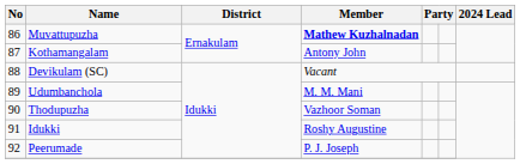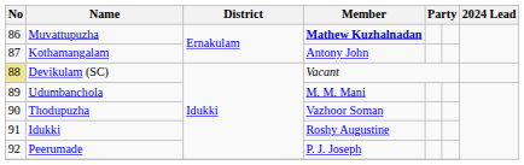 <table class="wikitable sortable">
 <tr>
 <th>No</th>
 <th width="200px">Name</th>
 <th width="150px">District</th>
 <th>Member</th>
 <th colspan=2>Party</th>
 <th colspan=2>2024 Lead</th>
 </tr>
 <tr>
 <td>86</td>
 <td><a href='#'>Muvattupuzha</a></td>
 <td rowspan=2><a href='#'>Ernakulam</a></td>
 <td><strong><a href='#'>Mathew Kuzhalnadan</a></strong></td>
 <td></td>
 <td></td>
 </tr>
 <tr>
 <td>87</td>
 <td><a href='#'>Kothamangalam</a></td>
 <td><a href='#'>Antony John</a></td>
 <td></td>
 <td></td>
 </tr>
 <tr>
-<td>88</td>
+<td style="background: khaki;">88</td>
 <td><a href='#'>Devikulam</a> (SC)</td>
 <td rowspan=5><a href='#'>Idukki</a></td>
 <td colspan=3><em>Vacant</em></td>
 <td></td>
 </tr>
 <tr>
 <td>89</td>
 <td><a href='#'>Udumbanchola</a></td>
 <td><a href='#'>M. M. Mani</a></td>
 <td></td>
 <td></td>
 </tr>
 <tr>
 <td>90</td>
 <td><a href='#'>Thodupuzha</a></td>
 <td><a href='#'>Vazhoor Soman</a></td>
 <td></td>
 <td></td>
 </tr>
 <tr>
 <td>91</td>
 <td><a href='#'>Idukki</a></td>
 <td><a href='#'>Roshy Augustine</a></td>
 <td></td>
 <td></td>
 </tr>
 <tr>
 <td>92</td>
 <td><a href='#'>Peerumade</a></td>
 <td><a href='#'>P. J. Joseph</a></td>
 <td></td>
 <td></td>
 </tr>
 <tr>
 </tr>
 </table>
